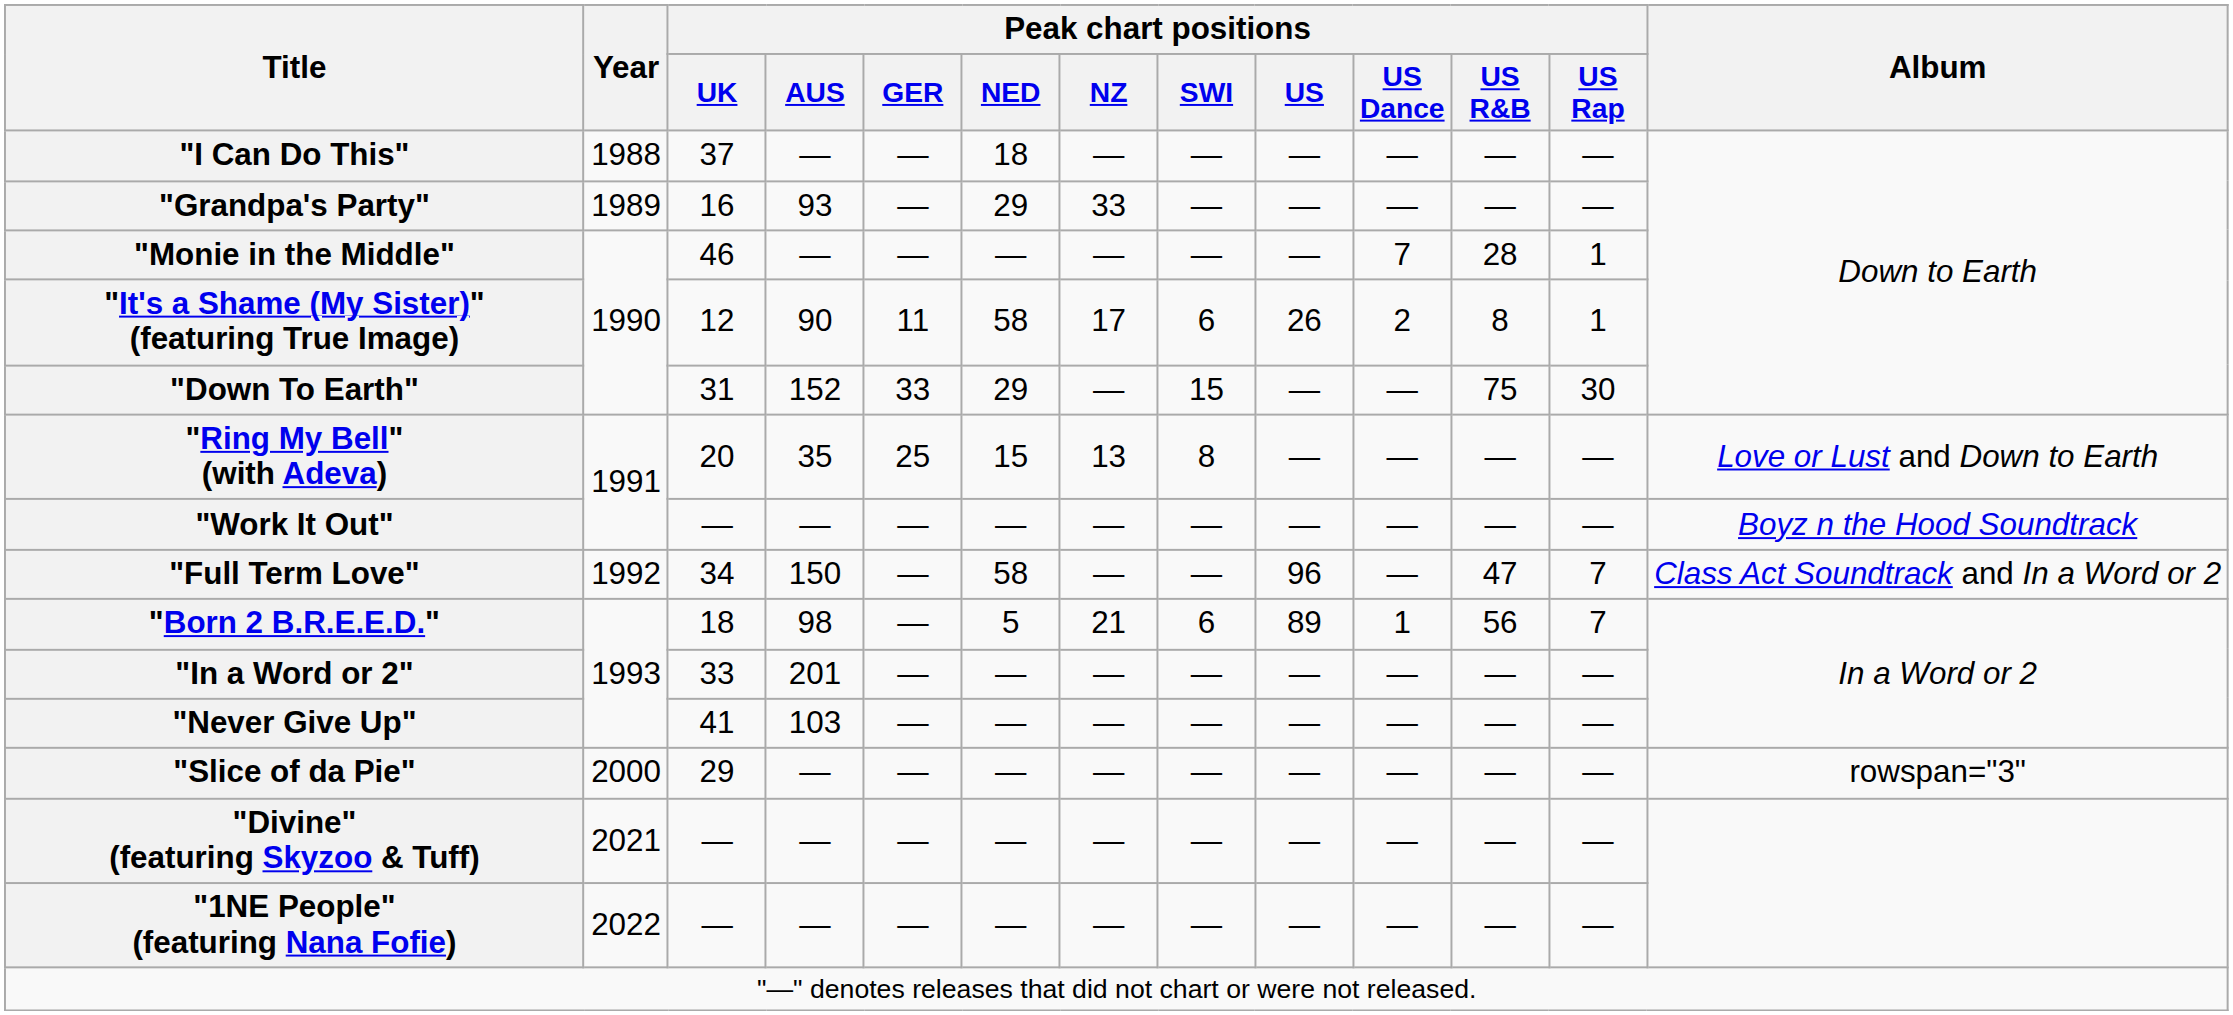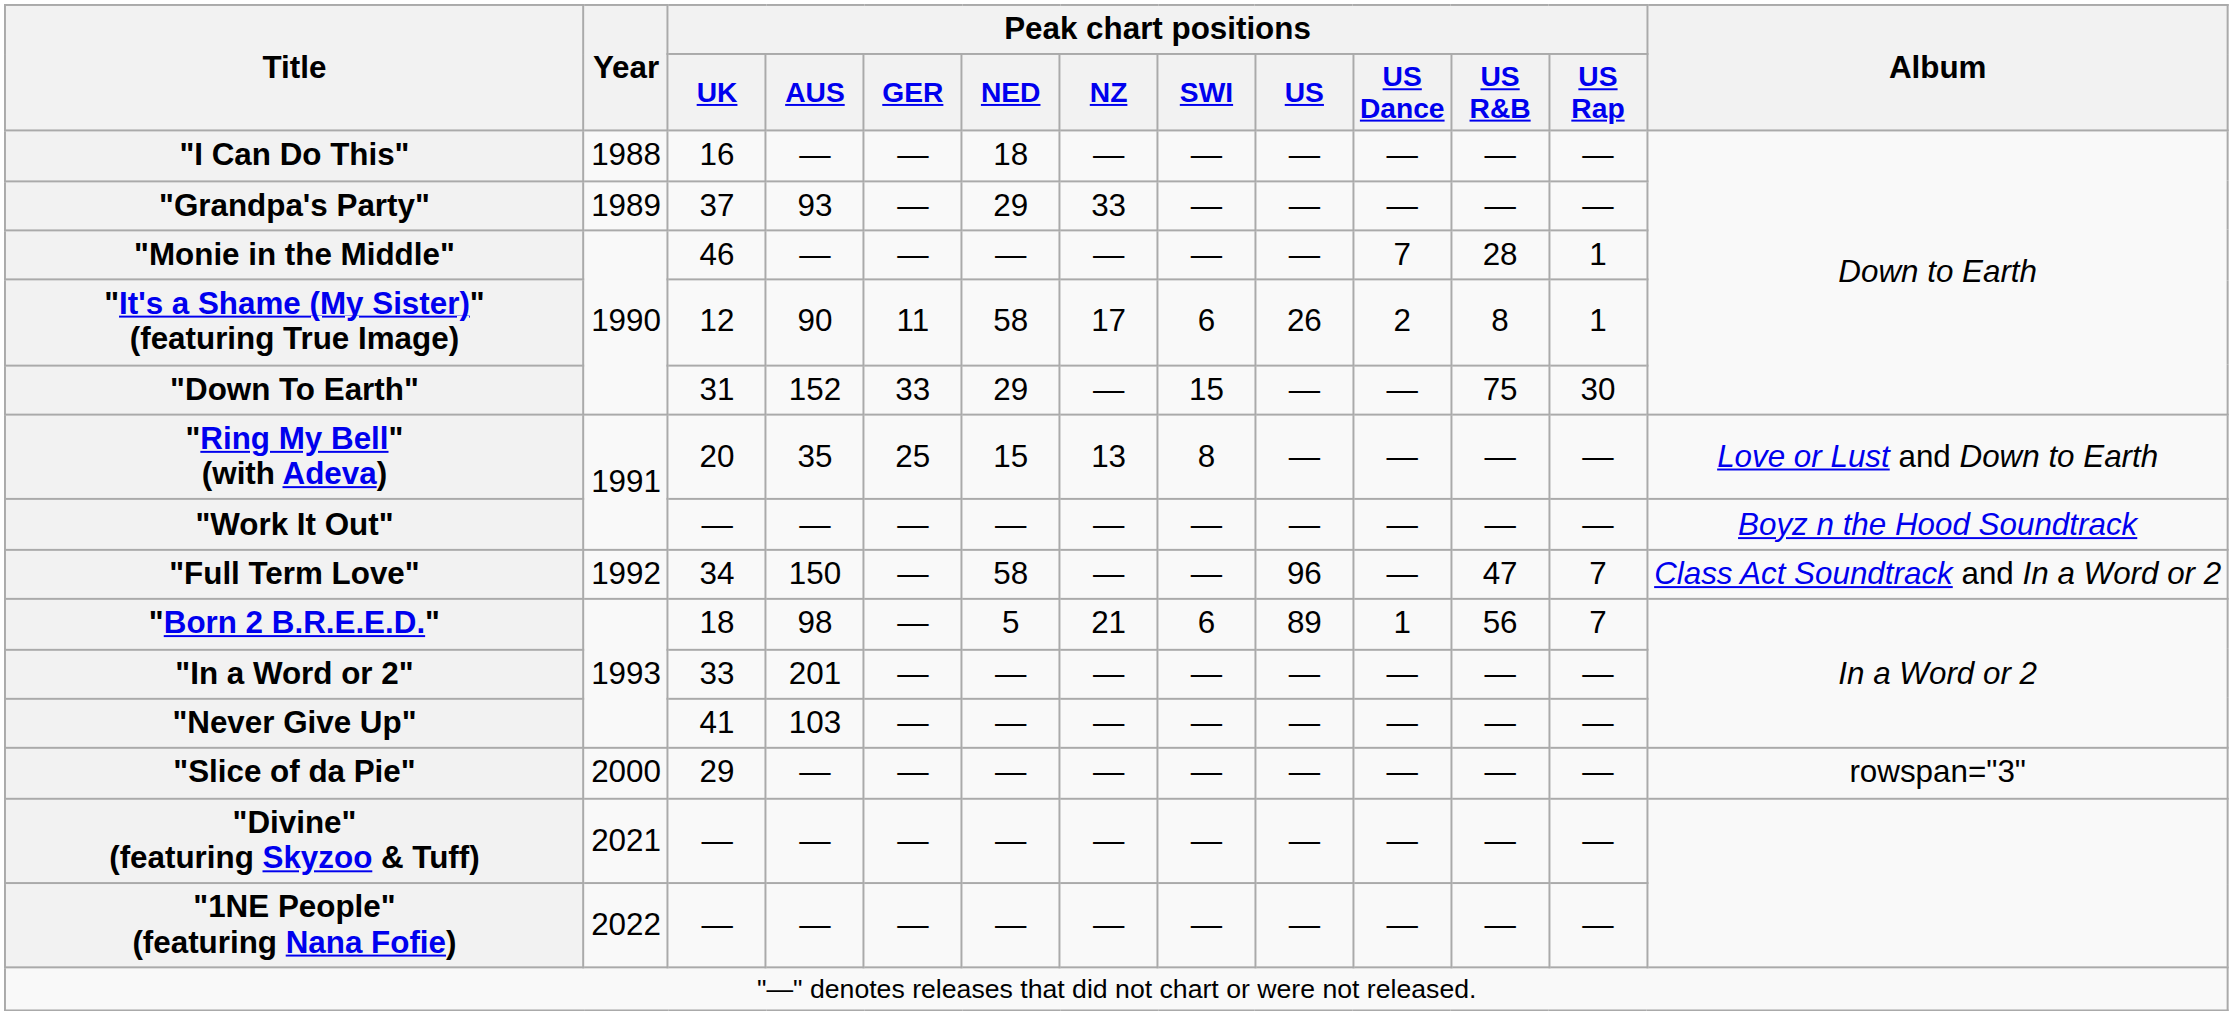 <table class="wikitable plainrowheaders" style="text-align:center;" border="1">
 <tr>
 <th scope="col" rowspan="2" style="width:18em;">Title</th>
 <th scope="col" rowspan="2">Year</th>
 <th scope="col" colspan="10">Peak chart positions</th>
 <th scope="col" rowspan="2">Album</th>
 </tr>
 <tr>
 <th scope="col" style="width:3em;font-size:90%;"><a href='#'>UK</a><br></th>
 <th scope="col" style="width:3em;font-size:90%;"><a href='#'>AUS</a><br></th>
 <th scope="col" style="width:3em;font-size:90%;"><a href='#'>GER</a><br></th>
 <th scope="col" style="width:3em;font-size:90%;"><a href='#'>NED</a><br></th>
 <th scope="col" style="width:3em;font-size:90%;"><a href='#'>NZ</a><br></th>
 <th scope="col" style="width:3em;font-size:90%;"><a href='#'>SWI</a><br></th>
 <th scope="col" style="width:3em;font-size:90%;"><a href='#'>US</a><br></th>
 <th scope="col" style="width:3em;font-size:90%;"><a href='#'>US Dance</a><br></th>
 <th scope="col" style="width:3em;font-size:90%;"><a href='#'>US R&B</a><br></th>
 <th scope="col" style="width:3em;font-size:90%;"><a href='#'>US Rap</a><br></th>
 </tr>
 <tr>
 <th scope="row">"I Can Do This"</th>
 <td>1988</td>
-<td>37</td>
+<td>16</td>
 <td>—</td>
 <td>—</td>
 <td>18</td>
 <td>—</td>
 <td>—</td>
 <td>—</td>
 <td>—</td>
 <td>—</td>
 <td>—</td>
 <td rowspan="5"><em>Down to Earth</em></td>
 </tr>
 <tr>
 <th scope="row">"Grandpa's Party"</th>
 <td>1989</td>
-<td>16</td>
+<td>37</td>
 <td>93</td>
 <td>—</td>
 <td>29</td>
 <td>33</td>
 <td>—</td>
 <td>—</td>
 <td>—</td>
 <td>—</td>
 <td>—</td>
 </tr>
 <tr>
 <th scope="row">"Monie in the Middle"</th>
 <td rowspan="3">1990</td>
 <td>46</td>
 <td>—</td>
 <td>—</td>
 <td>—</td>
 <td>—</td>
 <td>—</td>
 <td>—</td>
 <td>7</td>
 <td>28</td>
 <td>1</td>
 </tr>
 <tr>
 <th scope="row">"<a href='#'>It's a Shame (My Sister)</a>"<br><span>(featuring True Image)</span></th>
 <td>12</td>
 <td>90</td>
 <td>11</td>
 <td>58</td>
 <td>17</td>
 <td>6</td>
 <td>26</td>
 <td>2</td>
 <td>8</td>
 <td>1</td>
 </tr>
 <tr>
 <th scope="row">"Down To Earth"</th>
 <td>31</td>
 <td>152</td>
 <td>33</td>
 <td>29</td>
 <td>—</td>
 <td>15</td>
 <td>—</td>
 <td>—</td>
 <td>75</td>
 <td>30</td>
 </tr>
 <tr>
 <th scope="row">"<a href='#'>Ring My Bell</a>" <br><span>(with <a href='#'>Adeva</a>)</span></th>
 <td rowspan="2">1991</td>
 <td>20</td>
 <td>35</td>
 <td>25</td>
 <td>15</td>
 <td>13</td>
 <td>8</td>
 <td>—</td>
 <td>—</td>
 <td>—</td>
 <td>—</td>
 <td><em><a href='#'>Love or Lust</a></em> and <em>Down to Earth</em></td>
 </tr>
 <tr>
 <th scope="row">"Work It Out"</th>
 <td>—</td>
 <td>—</td>
 <td>—</td>
 <td>—</td>
 <td>—</td>
 <td>—</td>
 <td>—</td>
 <td>—</td>
 <td>—</td>
 <td>—</td>
 <td><em><a href='#'>Boyz n the Hood Soundtrack</a></em></td>
 </tr>
 <tr>
 <th scope="row">"Full Term Love"</th>
 <td>1992</td>
 <td>34</td>
 <td>150</td>
 <td>—</td>
 <td>58</td>
 <td>—</td>
 <td>—</td>
 <td>96</td>
 <td>—</td>
 <td>47</td>
 <td>7</td>
 <td><em><a href='#'>Class Act Soundtrack</a></em> and <em>In a Word or 2</em></td>
 </tr>
 <tr>
 <th scope="row">"<a href='#'>Born 2 B.R.E.E.D.</a>"</th>
 <td rowspan="3">1993</td>
 <td>18</td>
 <td>98</td>
 <td>—</td>
 <td>5</td>
 <td>21</td>
 <td>6</td>
 <td>89</td>
 <td>1</td>
 <td>56</td>
 <td>7</td>
 <td rowspan="3"><em>In a Word or 2</em></td>
 </tr>
 <tr>
 <th scope="row">"In a Word or 2"</th>
 <td>33</td>
 <td>201</td>
 <td>—</td>
 <td>—</td>
 <td>—</td>
 <td>—</td>
 <td>—</td>
 <td>—</td>
 <td>—</td>
 <td>—</td>
 </tr>
 <tr>
 <th scope="row">"Never Give Up"</th>
 <td>41</td>
 <td>103</td>
 <td>—</td>
 <td>—</td>
 <td>—</td>
 <td>—</td>
 <td>—</td>
 <td>—</td>
 <td>—</td>
 <td>—</td>
 </tr>
 <tr>
 <th scope="row">"Slice of da Pie"</th>
 <td>2000</td>
 <td>29</td>
 <td>—</td>
 <td>—</td>
 <td>—</td>
 <td>—</td>
 <td>—</td>
 <td>—</td>
 <td>—</td>
 <td>—</td>
 <td>—</td>
 <td>rowspan="3" </td>
 </tr>
 <tr>
 <th scope="row">"Divine"<br><span>(featuring <a href='#'>Skyzoo</a> & Tuff)</span></th>
 <td>2021</td>
 <td>—</td>
 <td>—</td>
 <td>—</td>
 <td>—</td>
 <td>—</td>
 <td>—</td>
 <td>—</td>
 <td>—</td>
 <td>—</td>
 <td>—</td>
 </tr>
 <tr>
 <th scope="row">"1NE People"<br><span>(featuring <a href='#'>Nana Fofie</a>)</span></th>
 <td>2022</td>
 <td>—</td>
 <td>—</td>
 <td>—</td>
 <td>—</td>
 <td>—</td>
 <td>—</td>
 <td>—</td>
 <td>—</td>
 <td>—</td>
 <td>—</td>
 </tr>
 <tr>
 <td align="center" colspan="13" style="font-size:85%">"—" denotes releases that did not chart or were not released.</td>
 </tr>
 </table>
